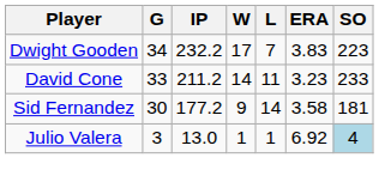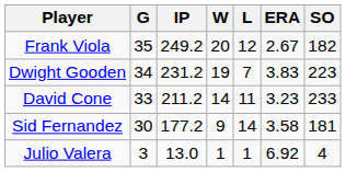 <table class="wikitable sortable">
 <tr>
 <th>Player</th>
 <th>G</th>
 <th>IP</th>
 <th>W</th>
 <th>L</th>
 <th>ERA</th>
 <th>SO</th>
 </tr>
 <tr align="center">
+<td><a href='#'>Frank Viola</a></td>
+<td>35</td>
+<td>249.2</td>
+<td>20</td>
+<td>12</td>
+<td>2.67</td>
+<td>182</td>
+</tr>
+<tr align="center">
 <td><a href='#'>Dwight Gooden</a></td>
 <td>34</td>
-<td>232.2</td>
-<td>17</td>
+<td>231.2</td>
+<td>19</td>
 <td>7</td>
 <td>3.83</td>
 <td>223</td>
 </tr>
 <tr align="center">
 <td><a href='#'>David Cone</a></td>
 <td>33</td>
 <td>211.2</td>
 <td>14</td>
 <td>11</td>
 <td>3.23</td>
 <td>233</td>
 </tr>
 <tr align="center">
 <td><a href='#'>Sid Fernandez</a></td>
 <td>30</td>
 <td>177.2</td>
 <td>9</td>
 <td>14</td>
 <td>3.58</td>
 <td>181</td>
 </tr>
 <tr align="center">
 <td><a href='#'>Julio Valera</a></td>
 <td>3</td>
 <td>13.0</td>
 <td>1</td>
 <td>1</td>
 <td>6.92</td>
-<td style="background: lightblue;">4</td>
+<td>4</td>
 </tr>
 </table>
